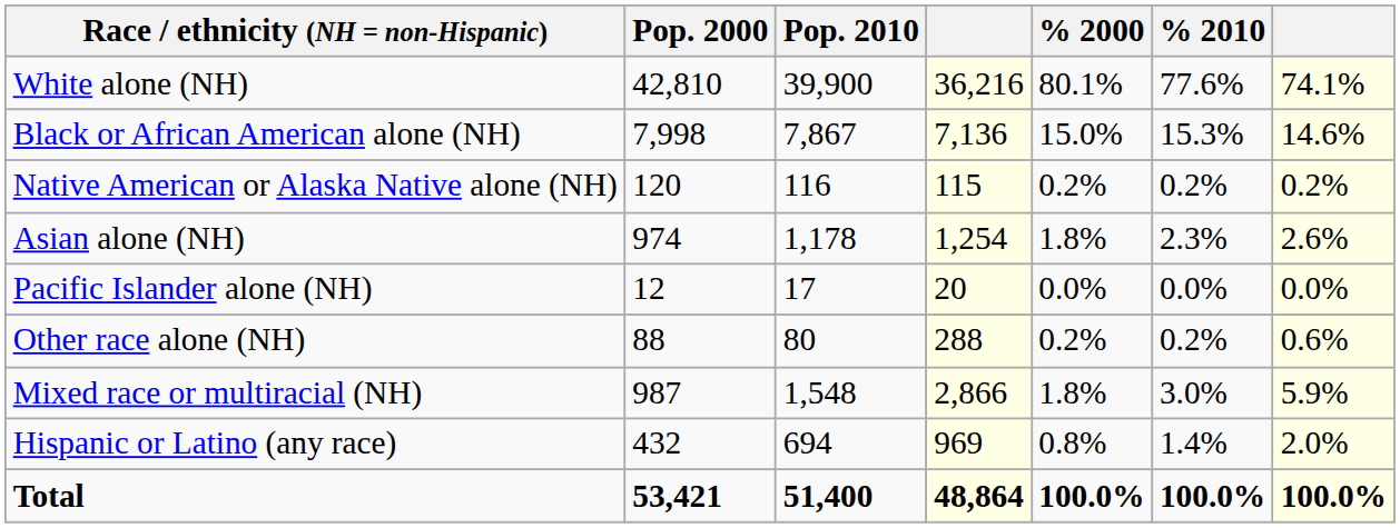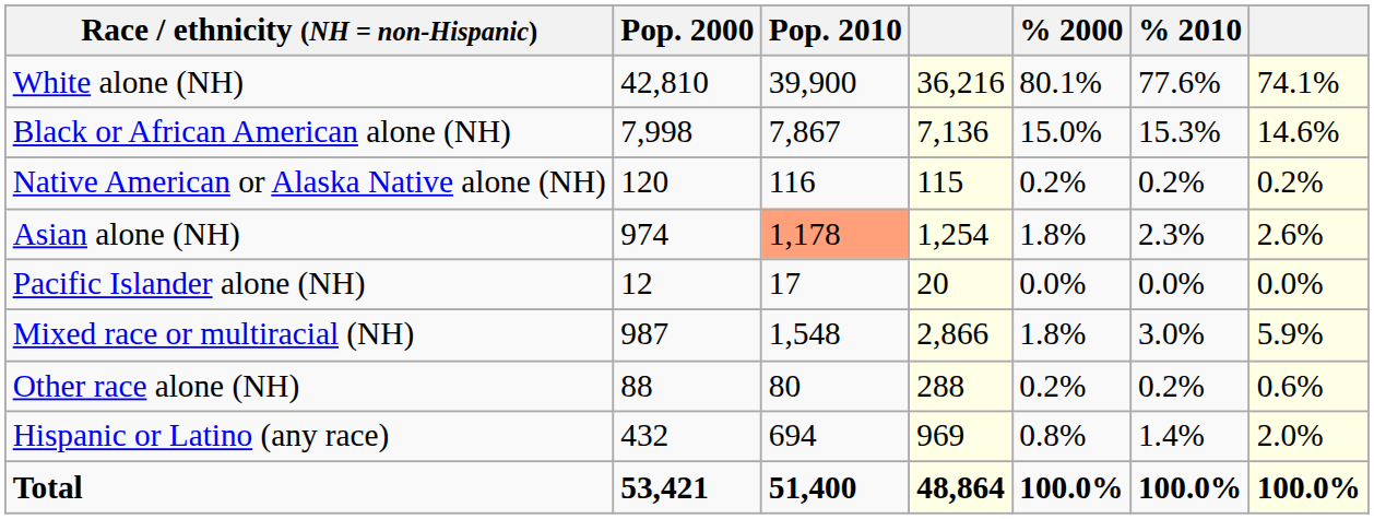 <table class="wikitable">
 <tr>
 <th>Race / ethnicity <small>(<em>NH = non-Hispanic</em>)</small></th>
 <th>Pop. 2000</th>
 <th>Pop. 2010</th>
 <th></th>
 <th>% 2000</th>
 <th>% 2010</th>
 <th></th>
 </tr>
 <tr>
 <td><a href='#'>White</a> alone (NH)</td>
 <td>42,810</td>
 <td>39,900</td>
 <td style='background: #ffffe6;'>36,216</td>
 <td>80.1%</td>
 <td>77.6%</td>
 <td style='background: #ffffe6;'>74.1%</td>
 </tr>
 <tr>
 <td><a href='#'>Black or African American</a> alone (NH)</td>
 <td>7,998</td>
 <td>7,867</td>
 <td style='background: #ffffe6;'>7,136</td>
 <td>15.0%</td>
 <td>15.3%</td>
 <td style='background: #ffffe6;'>14.6%</td>
 </tr>
 <tr>
 <td><a href='#'>Native American</a> or <a href='#'>Alaska Native</a> alone (NH)</td>
 <td>120</td>
 <td>116</td>
 <td style='background: #ffffe6;'>115</td>
 <td>0.2%</td>
 <td>0.2%</td>
 <td style='background: #ffffe6;'>0.2%</td>
 </tr>
 <tr>
 <td><a href='#'>Asian</a> alone (NH)</td>
 <td>974</td>
-<td>1,178</td>
+<td style="background: lightsalmon;">1,178</td>
 <td style='background: #ffffe6;'>1,254</td>
 <td>1.8%</td>
 <td>2.3%</td>
 <td style='background: #ffffe6;'>2.6%</td>
 </tr>
 <tr>
 <td><a href='#'>Pacific Islander</a> alone (NH)</td>
 <td>12</td>
 <td>17</td>
 <td style='background: #ffffe6;'>20</td>
 <td>0.0%</td>
 <td>0.0%</td>
 <td style='background: #ffffe6;'>0.0%</td>
 </tr>
 <tr>
+<td><a href='#'>Mixed race or multiracial</a> (NH)</td>
+<td>987</td>
+<td>1,548</td>
+<td style='background: #ffffe6;'>2,866</td>
+<td>1.8%</td>
+<td>3.0%</td>
+<td style='background: #ffffe6;'>5.9%</td>
+</tr>
+<tr>
 <td><a href='#'>Other race</a> alone (NH)</td>
 <td>88</td>
 <td>80</td>
 <td style='background: #ffffe6;'>288</td>
 <td>0.2%</td>
 <td>0.2%</td>
 <td style='background: #ffffe6;'>0.6%</td>
-</tr>
-<tr>
-<td><a href='#'>Mixed race or multiracial</a> (NH)</td>
-<td>987</td>
-<td>1,548</td>
-<td style='background: #ffffe6;'>2,866</td>
-<td>1.8%</td>
-<td>3.0%</td>
-<td style='background: #ffffe6;'>5.9%</td>
 </tr>
 <tr>
 <td><a href='#'>Hispanic or Latino</a> (any race)</td>
 <td>432</td>
 <td>694</td>
 <td style='background: #ffffe6;'>969</td>
 <td>0.8%</td>
 <td>1.4%</td>
 <td style='background: #ffffe6;'>2.0%</td>
 </tr>
 <tr>
 <td><strong>Total</strong></td>
 <td><strong>53,421</strong></td>
 <td><strong>51,400</strong></td>
 <td style='background: #ffffe6;'><strong>48,864</strong></td>
 <td><strong>100.0%</strong></td>
 <td><strong>100.0%</strong></td>
 <td style='background: #ffffe6;'><strong>100.0%</strong></td>
 </tr>
 </table>
